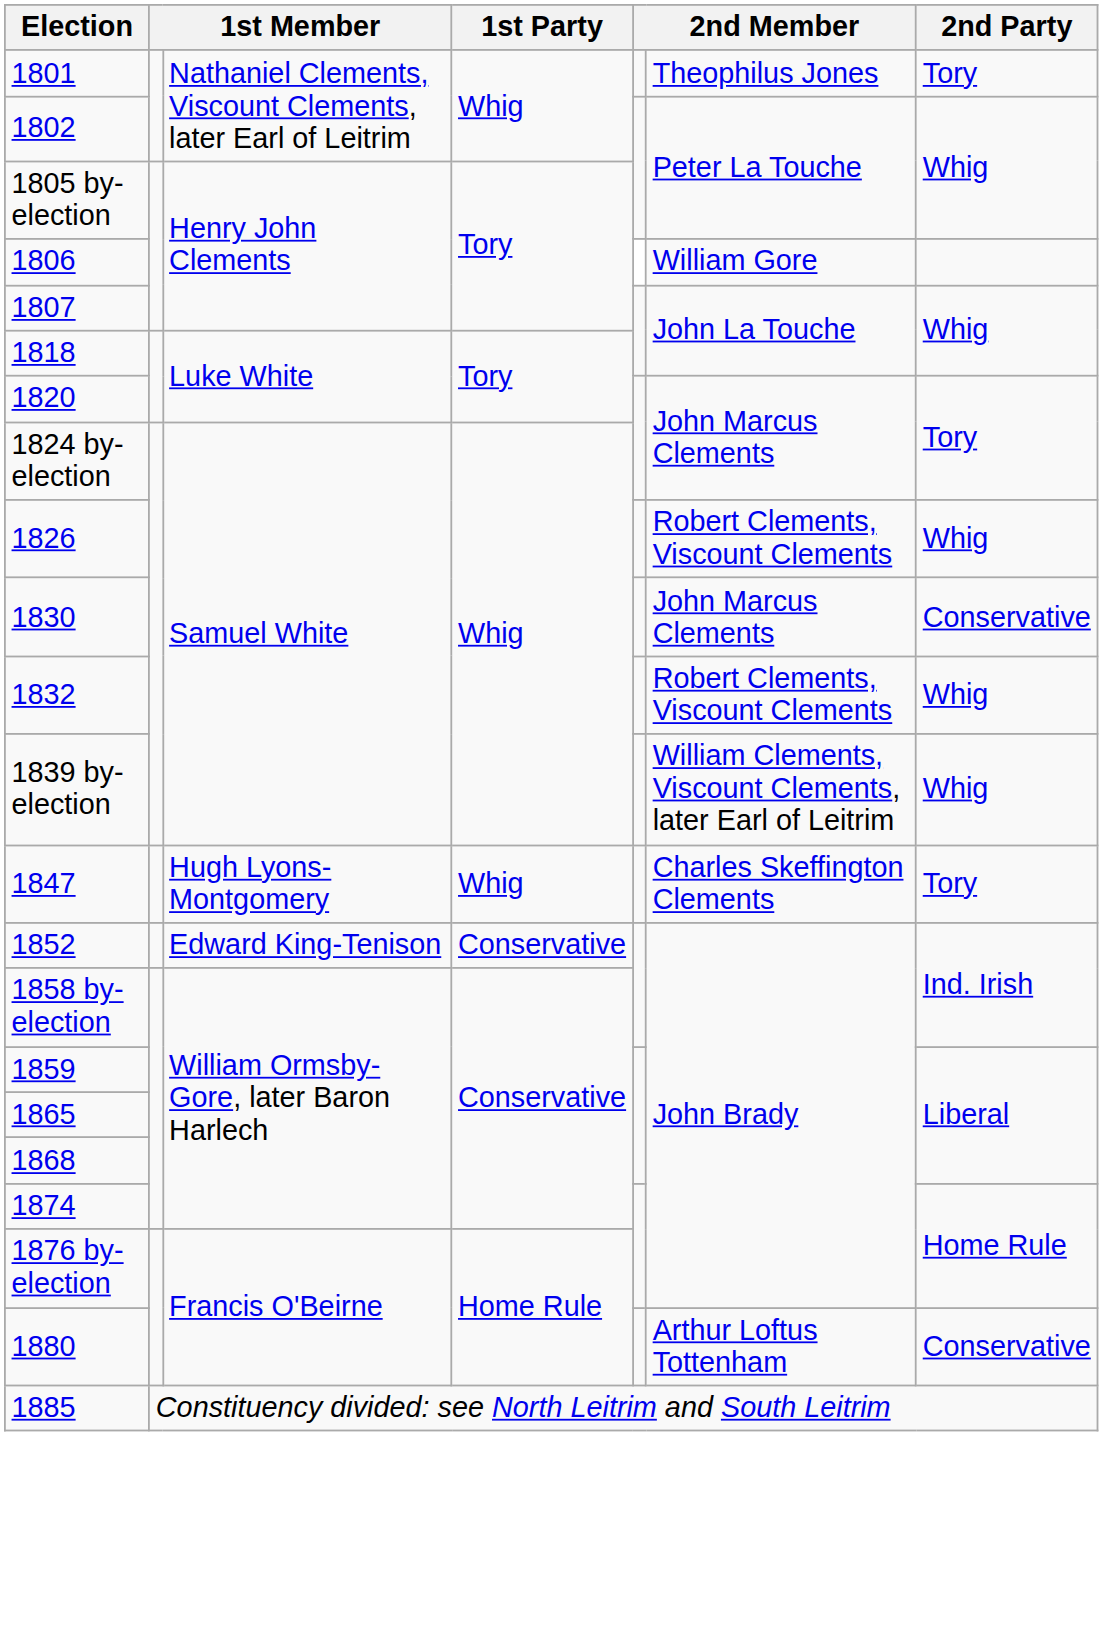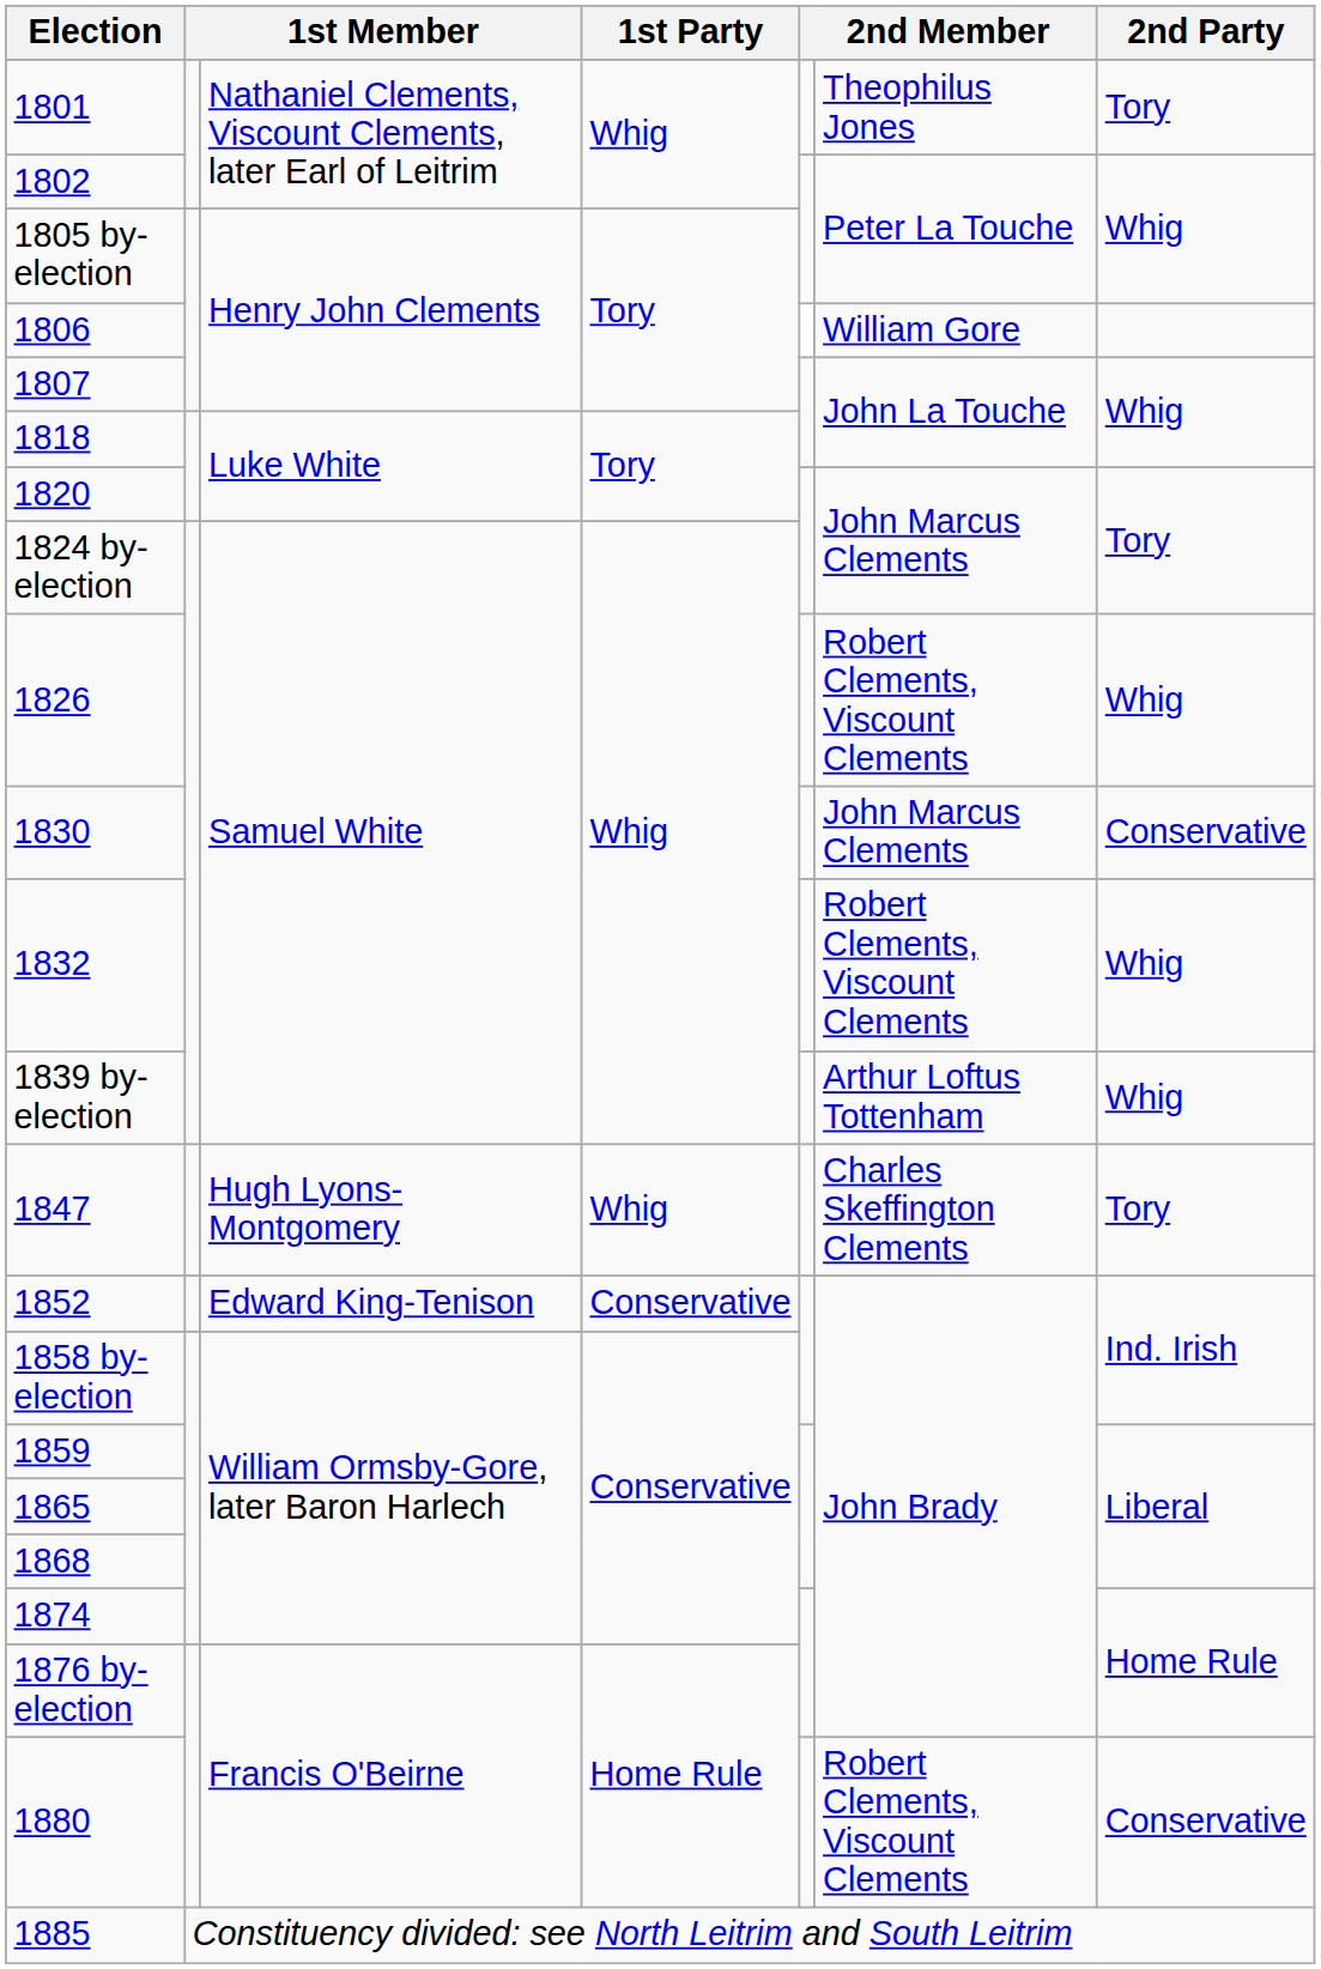 <table class="wikitable">
 <tr>
 <th>Election</th>
 <th colspan="2">1st Member</th>
 <th>1st Party</th>
 <th colspan="2">2nd Member</th>
 <th>2nd Party</th>
 </tr>
 <tr>
 <td><a href='#'>1801</a></td>
 <td rowspan="2" style="color:inherit;background-color: "></td>
 <td rowspan="2"><a href='#'>Nathaniel Clements, Viscount Clements</a>, later Earl of Leitrim      </td>
 <td rowspan="2"><a href='#'>Whig</a></td>
 <td style="color:inherit;background-color: "></td>
 <td><a href='#'>Theophilus Jones</a>     </td>
 <td><a href='#'>Tory</a></td>
 </tr>
 <tr>
 <td><a href='#'>1802</a></td>
 <td rowspan="2" style="color:inherit;background-color: "></td>
 <td rowspan="2"><a href='#'>Peter La Touche</a>       </td>
 <td rowspan="2"><a href='#'>Whig</a></td>
 </tr>
 <tr>
 <td>1805 by-election</td>
 <td rowspan="3" style="color:inherit;background-color: "></td>
 <td rowspan="3"><a href='#'>Henry John Clements</a>      </td>
 <td rowspan="3"><a href='#'>Tory</a></td>
 </tr>
 <tr>
 <td><a href='#'>1806</a></td>
 <td style="color:inherit;background-color: white"></td>
 <td><a href='#'>William Gore</a>     </td>
 <td></td>
 </tr>
 <tr>
 <td><a href='#'>1807</a></td>
 <td rowspan="2" style="color:inherit;background-color: "></td>
 <td rowspan="2"><a href='#'>John La Touche</a>     </td>
 <td rowspan="2"><a href='#'>Whig</a></td>
 </tr>
 <tr>
 <td><a href='#'>1818</a></td>
 <td rowspan="2" style="color:inherit;background-color: "></td>
 <td rowspan="2"><a href='#'>Luke White</a>     </td>
 <td rowspan="2"><a href='#'>Tory</a></td>
 </tr>
 <tr>
 <td><a href='#'>1820</a></td>
 <td rowspan="2" style="color:inherit;background-color: "></td>
 <td rowspan="2"><a href='#'>John Marcus Clements</a>      </td>
 <td rowspan="2"><a href='#'>Tory</a></td>
 </tr>
 <tr>
 <td>1824 by-election</td>
 <td rowspan="5" style="color:inherit;background-color: "></td>
 <td rowspan="5"><a href='#'>Samuel White</a>      </td>
 <td rowspan="5"><a href='#'>Whig</a></td>
 </tr>
 <tr>
 <td><a href='#'>1826</a></td>
 <td style="color:inherit;background-color: "></td>
 <td><a href='#'>Robert Clements, Viscount Clements</a>     </td>
 <td><a href='#'>Whig</a></td>
 </tr>
 <tr>
 <td><a href='#'>1830</a></td>
 <td style="color:inherit;background-color: "></td>
 <td><a href='#'>John Marcus Clements</a>     </td>
 <td><a href='#'>Conservative</a></td>
 </tr>
 <tr>
 <td><a href='#'>1832</a></td>
 <td style="color:inherit;background-color: "></td>
 <td><a href='#'>Robert Clements, Viscount Clements</a>     </td>
 <td><a href='#'>Whig</a></td>
 </tr>
 <tr>
 <td>1839 by-election</td>
 <td style="color:inherit;background-color: "></td>
-<td><a href='#'>William Clements, Viscount Clements</a>, later Earl of Leitrim     </td>
+<td><a href='#'>Arthur Loftus Tottenham</a>     </td>
 <td><a href='#'>Whig</a></td>
 </tr>
 <tr>
 <td><a href='#'>1847</a></td>
 <td style="color:inherit;background-color: "></td>
 <td><a href='#'>Hugh Lyons-Montgomery</a>     </td>
 <td><a href='#'>Whig</a></td>
 <td style="color:inherit;background-color: "></td>
 <td><a href='#'>Charles Skeffington Clements</a>     </td>
 <td><a href='#'>Tory</a></td>
 </tr>
 <tr>
 <td><a href='#'>1852</a></td>
 <td style="color:inherit;background-color: "></td>
 <td><a href='#'>Edward King-Tenison</a>     </td>
 <td><a href='#'>Conservative</a></td>
 <td rowspan="2" style="color:inherit;background-color: "></td>
 <td rowspan="7"><a href='#'>John Brady</a>      </td>
 <td rowspan="2"><a href='#'>Ind. Irish</a></td>
 </tr>
 <tr>
 <td><a href='#'>1858 by-election</a></td>
 <td rowspan="5" style="color:inherit;background-color: "></td>
 <td rowspan="5"><a href='#'>William Ormsby-Gore</a>, later Baron Harlech     </td>
 <td rowspan="5"><a href='#'>Conservative</a></td>
 </tr>
 <tr>
 <td><a href='#'>1859</a></td>
 <td rowspan="3" style="color:inherit;background-color: "></td>
 <td rowspan="3"><a href='#'>Liberal</a></td>
 </tr>
 <tr>
 <td><a href='#'>1865</a></td>
 </tr>
 <tr>
 <td><a href='#'>1868</a></td>
 </tr>
 <tr>
 <td><a href='#'>1874</a></td>
 <td rowspan="2" style="color:inherit;background-color: "></td>
 <td rowspan="2"><a href='#'>Home Rule</a></td>
 </tr>
 <tr>
 <td><a href='#'>1876 by-election</a></td>
 <td rowspan="2" style="color:inherit;background-color: "></td>
 <td rowspan="2"><a href='#'>Francis O'Beirne</a>    </td>
 <td rowspan="2"><a href='#'>Home Rule</a></td>
 </tr>
 <tr>
 <td><a href='#'>1880</a></td>
 <td style="color:inherit;background-color: "></td>
-<td><a href='#'>Arthur Loftus Tottenham</a>     </td>
+<td><a href='#'>Robert Clements, Viscount Clements</a>     </td>
 <td><a href='#'>Conservative</a></td>
 </tr>
 <tr>
 <td><a href='#'>1885</a></td>
 <td colspan="6"><em>Constituency divided: see <a href='#'>North Leitrim</a> and <a href='#'>South Leitrim</a></em></td>
 </tr>
 </table>
